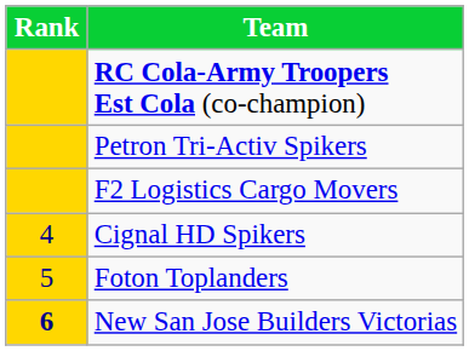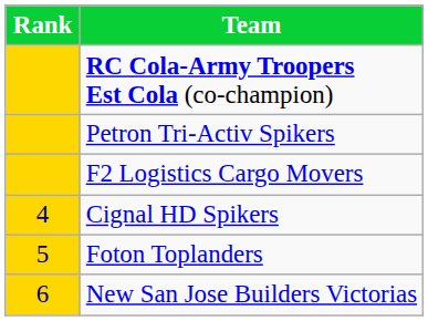 <table class="wikitable" style="text-align: center;">
 <tr>
 <th width=40 style="background:#08CF35; color:#FFFFFF;">Rank</th>
 <th style="background:#08CF35; color:#FFFFFF;">Team</th>
 </tr>
 <tr bgcolor=>
 <td style="background:#FFD700; color:#00008B;"></td>
 <td style="text-align:left;"><strong><a href='#'>RC Cola-Army Troopers</a></strong><br><strong><a href='#'>Est Cola</a></strong> (co-champion)</td>
 </tr>
 <tr>
 <td style="background:#FFD700; color:#00008B;"></td>
 <td style="text-align:left;"><a href='#'>Petron Tri-Activ Spikers</a></td>
 </tr>
 <tr>
 <td style="background:#FFD700; color:#00008B;"></td>
 <td style="text-align:left;"><a href='#'>F2 Logistics Cargo Movers</a></td>
 </tr>
 <tr>
 <td style="background:#FFD700; color:#00008B;">4</td>
 <td style="text-align:left;"><a href='#'>Cignal HD Spikers</a></td>
 </tr>
 <tr>
 <td style="background:#FFD700; color:#00008B;">5</td>
 <td style="text-align:left;"><a href='#'>Foton Toplanders</a></td>
 </tr>
 <tr>
-<td style="background:#FFD700; color:#00008B;"><strong>6</strong></td>
+<td style="background:#FFD700; color:#00008B;">6</td>
 <td style="text-align:left;"><a href='#'>New San Jose Builders Victorias</a></td>
 </tr>
 </table>
